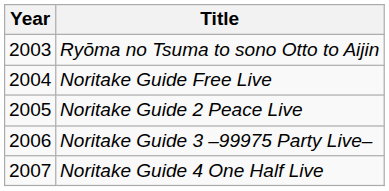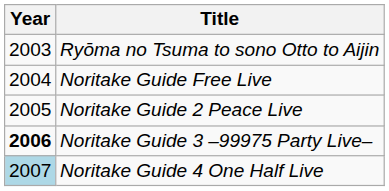 <table class="wikitable">
 <tr>
 <th>Year</th>
 <th>Title</th>
 </tr>
 <tr>
 <td>2003</td>
 <td><em>Ryōma no Tsuma to sono Otto to Aijin</em></td>
 </tr>
 <tr>
 <td>2004</td>
 <td><em>Noritake Guide Free Live</em></td>
 </tr>
 <tr>
 <td>2005</td>
 <td><em>Noritake Guide 2 Peace Live</em></td>
 </tr>
 <tr>
-<td>2006</td>
+<td><strong>2006</strong></td>
 <td><em>Noritake Guide 3 –99975 Party Live–</em></td>
 </tr>
 <tr>
-<td>2007</td>
+<td style="background: lightblue;">2007</td>
 <td><em>Noritake Guide 4 One Half Live</em></td>
 </tr>
 </table>
